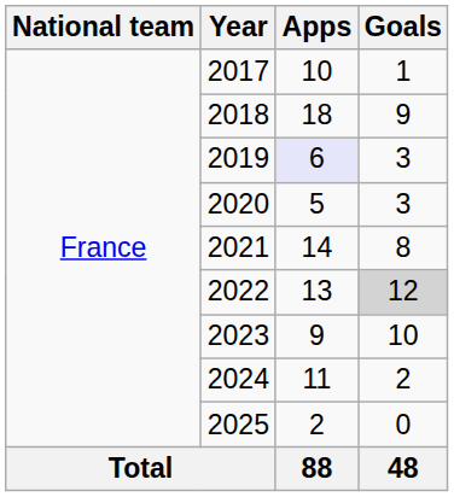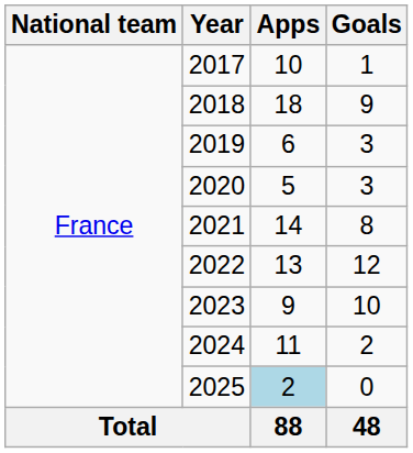 <table class="wikitable" style="text-align: center;">
 <tr>
 <th>National team</th>
 <th>Year</th>
 <th>Apps</th>
 <th>Goals</th>
 </tr>
 <tr>
 <td rowspan="9"><a href='#'>France</a></td>
 <td>2017</td>
 <td>10</td>
 <td>1</td>
 </tr>
 <tr>
 <td>2018</td>
 <td>18</td>
 <td>9</td>
 </tr>
 <tr>
 <td>2019</td>
-<td style="background: lavender;">6</td>
+<td>6</td>
 <td>3</td>
 </tr>
 <tr>
 <td>2020</td>
 <td>5</td>
 <td>3</td>
 </tr>
 <tr>
 <td>2021</td>
 <td>14</td>
 <td>8</td>
 </tr>
 <tr>
 <td>2022</td>
 <td>13</td>
-<td style="background: lightgrey;">12</td>
+<td>12</td>
 </tr>
 <tr>
 <td>2023</td>
 <td>9</td>
 <td>10</td>
 </tr>
 <tr>
 <td>2024</td>
 <td>11</td>
 <td>2</td>
 </tr>
 <tr>
 <td>2025</td>
-<td>2</td>
+<td style="background: lightblue;">2</td>
 <td>0</td>
 </tr>
 <tr>
 <th colspan="2">Total</th>
 <th>88</th>
 <th>48</th>
 </tr>
 </table>
